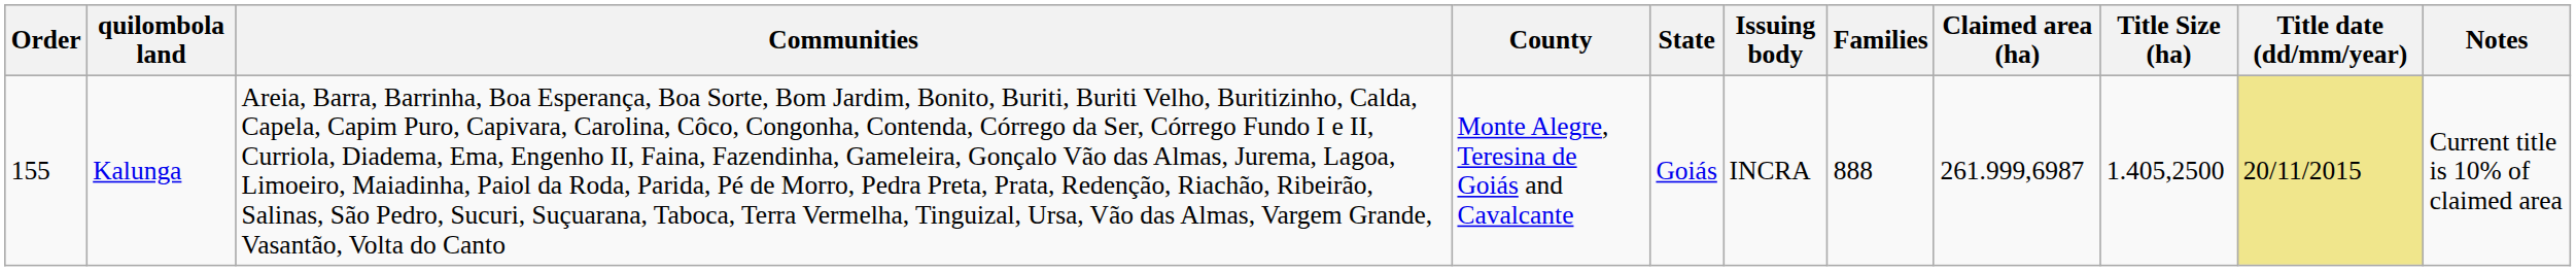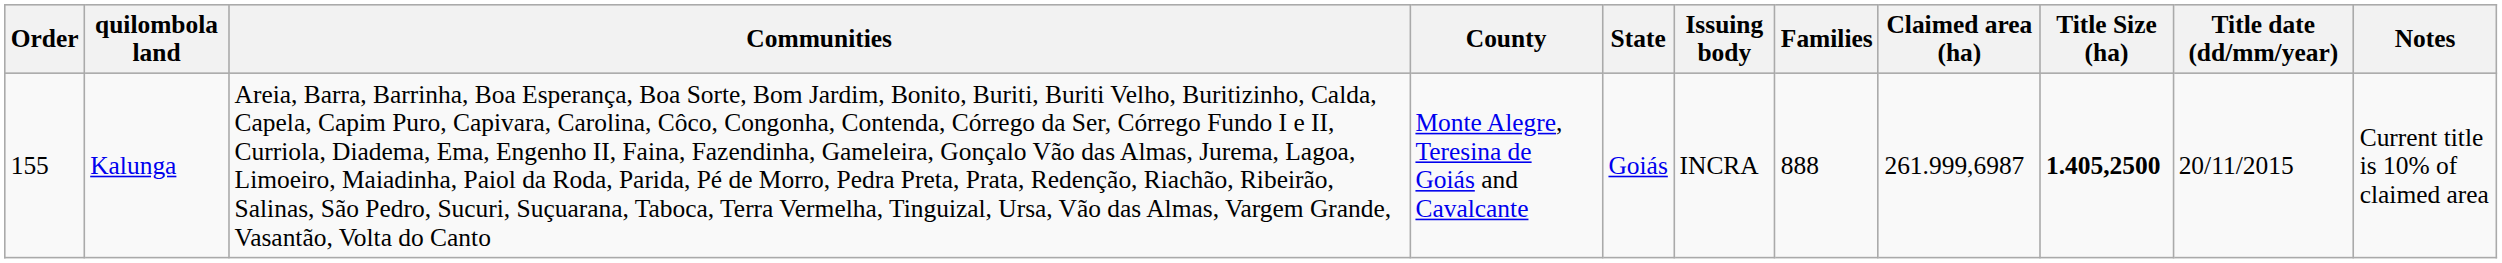 <table class="wikitable sortable">
 <tr>
 <th>Order</th>
 <th>quilombola land</th>
 <th>Communities</th>
 <th>County</th>
 <th>State</th>
 <th>Issuing body</th>
 <th>Families</th>
 <th>Claimed area (ha)</th>
 <th>Title Size (ha)</th>
 <th>Title date (dd/mm/year)</th>
 <th>Notes</th>
 </tr>
 <tr>
 <td rowspan="7">155</td>
 <td rowspan="7"><a href='#'>Kalunga</a></td>
 <td rowspan="7">Areia, Barra, Barrinha, Boa Esperança, Boa Sorte, Bom Jardim, Bonito, Buriti, Buriti Velho, Buritizinho, Calda, Capela, Capim Puro, Capivara, Carolina, Côco, Congonha, Contenda, Córrego da Ser, Córrego Fundo I e II, Curriola, Diadema, Ema, Engenho II, Faina, Fazendinha, Gameleira, Gonçalo Vão das Almas, Jurema, Lagoa, Limoeiro, Maiadinha, Paiol da Roda, Parida, Pé de Morro, Pedra Preta, Prata, Redenção, Riachão, Ribeirão, Salinas, São Pedro, Sucuri, Suçuarana, Taboca, Terra Vermelha, Tinguizal, Ursa, Vão das Almas, Vargem Grande, Vasantão, Volta do Canto</td>
 <td rowspan="7"><a href='#'>Monte Alegre</a>, <a href='#'>Teresina de Goiás</a> and <a href='#'>Cavalcante</a></td>
 <td rowspan="7"><a href='#'>Goiás</a></td>
 <td rowspan="7">INCRA</td>
 <td rowspan="7">888</td>
 <td rowspan="7">261.999,6987</td>
-<td>1.405,2500</td>
-<td style="background: khaki;">20/11/2015</td>
+<td><strong>1.405,2500</strong></td>
+<td>20/11/2015</td>
 <td rowspan="7">Current title is 10% of claimed area</td>
 </tr>
 </table>
